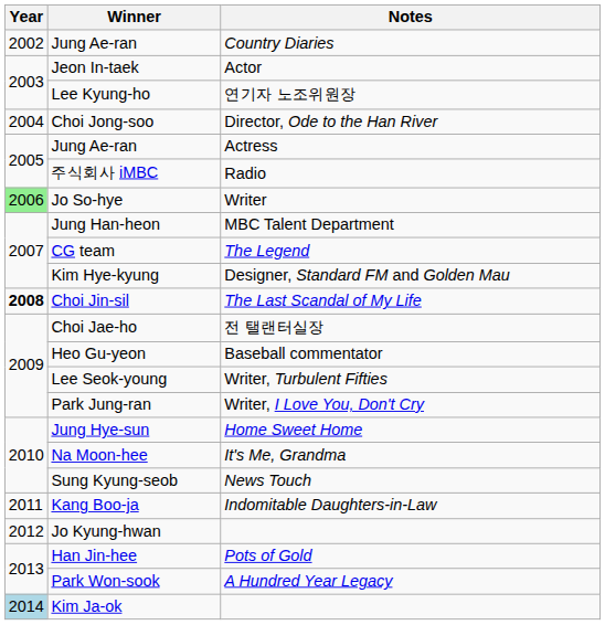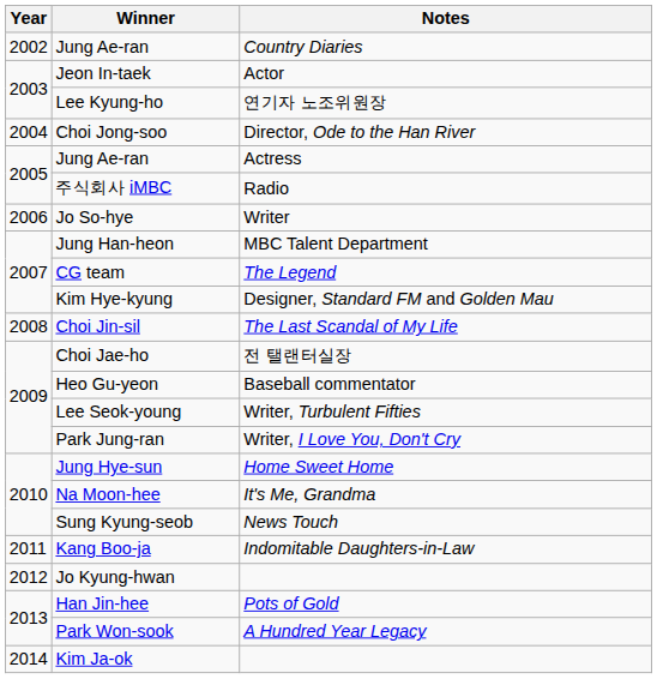 <table class="wikitable" style="width:600px">
 <tr>
 <th width=10>Year</th>
 <th>Winner</th>
 <th>Notes</th>
 </tr>
 <tr>
 <td>2002</td>
 <td>Jung Ae-ran</td>
 <td><em>Country Diaries</em></td>
 </tr>
 <tr>
 <td rowspan=2>2003</td>
 <td>Jeon In-taek</td>
 <td>Actor</td>
 </tr>
 <tr>
 <td>Lee Kyung-ho</td>
 <td>연기자 노조위원장</td>
 </tr>
 <tr>
 <td>2004</td>
 <td>Choi Jong-soo</td>
 <td>Director, <em>Ode to the Han River</em></td>
 </tr>
 <tr>
 <td rowspan=2>2005</td>
 <td>Jung Ae-ran</td>
 <td>Actress</td>
 </tr>
 <tr>
 <td>주식회사 <a href='#'>iMBC</a></td>
 <td>Radio</td>
 </tr>
 <tr>
-<td style="background: lightgreen;">2006</td>
+<td>2006</td>
 <td>Jo So-hye</td>
 <td>Writer</td>
 </tr>
 <tr>
 <td rowspan=3>2007</td>
 <td>Jung Han-heon</td>
 <td>MBC Talent Department</td>
 </tr>
 <tr>
 <td><a href='#'>CG</a> team</td>
 <td><em><a href='#'>The Legend</a></em></td>
 </tr>
 <tr>
 <td>Kim Hye-kyung</td>
 <td>Designer, <em>Standard FM</em> and <em>Golden Mau</em></td>
 </tr>
 <tr>
-<td><strong>2008</strong></td>
+<td>2008</td>
 <td><a href='#'>Choi Jin-sil</a></td>
 <td><em><a href='#'>The Last Scandal of My Life</a></em></td>
 </tr>
 <tr>
 <td rowspan=4>2009</td>
 <td>Choi Jae-ho</td>
 <td>전 탤랜터실장</td>
 </tr>
 <tr>
 <td>Heo Gu-yeon</td>
 <td>Baseball commentator</td>
 </tr>
 <tr>
 <td>Lee Seok-young</td>
 <td>Writer, <em>Turbulent Fifties</em></td>
 </tr>
 <tr>
 <td>Park Jung-ran</td>
 <td>Writer, <em><a href='#'>I Love You, Don't Cry</a></em></td>
 </tr>
 <tr>
 <td rowspan=3>2010</td>
 <td><a href='#'>Jung Hye-sun</a></td>
 <td><em><a href='#'>Home Sweet Home</a></em></td>
 </tr>
 <tr>
 <td><a href='#'>Na Moon-hee</a></td>
 <td><em>It's Me, Grandma</em></td>
 </tr>
 <tr>
 <td>Sung Kyung-seob</td>
 <td><em>News Touch</em></td>
 </tr>
 <tr>
 <td>2011</td>
 <td><a href='#'>Kang Boo-ja</a></td>
 <td><em>Indomitable Daughters-in-Law</em></td>
 </tr>
 <tr>
 <td>2012</td>
 <td>Jo Kyung-hwan</td>
 <td></td>
 </tr>
 <tr>
 <td rowspan=2>2013</td>
 <td><a href='#'>Han Jin-hee</a></td>
 <td><em><a href='#'>Pots of Gold</a></em></td>
 </tr>
 <tr>
 <td><a href='#'>Park Won-sook</a></td>
 <td><em><a href='#'>A Hundred Year Legacy</a></em></td>
 </tr>
 <tr>
-<td style="background: lightblue;">2014</td>
+<td>2014</td>
 <td><a href='#'>Kim Ja-ok</a></td>
 <td></td>
 </tr>
 </table>
